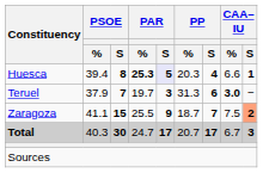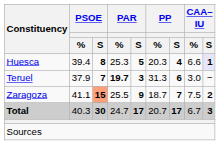 <table class="wikitable sortable" style="text-align:right; line-height:20px;">
 <tr>
 <th rowspan="3">Constituency</th>
 <th colspan="2" width="30px" class="unsortable"><a href='#'>PSOE</a></th>
 <th colspan="2" width="30px" class="unsortable"><a href='#'>PAR</a></th>
 <th colspan="2" width="30px" class="unsortable"><a href='#'>PP</a></th>
 <th colspan="2" width="30px" class="unsortable"><a href='#'>CAA–IU</a></th>
 </tr>
 <tr>
 <th colspan="2" style="background:"></th>
 <th colspan="2" style="background:"></th>
 <th colspan="2" style="background:"></th>
 <th colspan="2" style="background:"></th>
 </tr>
 <tr>
 <th data-sort-type="number">%</th>
 <th data-sort-type="number">S</th>
 <th data-sort-type="number">%</th>
 <th data-sort-type="number">S</th>
 <th data-sort-type="number">%</th>
 <th data-sort-type="number">S</th>
 <th data-sort-type="number">%</th>
 <th data-sort-type="number">S</th>
 </tr>
 <tr>
 <td align="left"><a href='#'>Huesca</a></td>
 <td style="background:">39.4</td>
 <td><strong>8</strong></td>
-<td><strong>25.3</strong></td>
-<td style="background: lavender;"><strong>5</strong></td>
+<td>25.3</td>
+<td><strong>5</strong></td>
 <td>20.3</td>
 <td><strong>4</strong></td>
 <td>6.6</td>
-<td><strong>1</strong></td>
+<td style="background: lavender;"><strong>1</strong></td>
 </tr>
 <tr>
 <td align="left"><a href='#'>Teruel</a></td>
 <td style="background:">37.9</td>
 <td><strong>7</strong></td>
-<td>19.7</td>
+<td><strong>19.7</strong></td>
 <td><strong>3</strong></td>
 <td>31.3</td>
 <td><strong>6</strong></td>
-<td><strong>3.0</strong></td>
+<td>3.0</td>
 <td>−</td>
 </tr>
 <tr>
 <td align="left"><a href='#'>Zaragoza</a></td>
 <td style="background:">41.1</td>
-<td><strong>15</strong></td>
+<td style="background: lightsalmon;"><strong>15</strong></td>
 <td>25.5</td>
 <td><strong>9</strong></td>
 <td>18.7</td>
 <td><strong>7</strong></td>
 <td>7.5</td>
-<td style="background: lightsalmon;"><strong>2</strong></td>
+<td><strong>2</strong></td>
 </tr>
 <tr style="background:#CDCDCD;">
 <td align="left"><strong>Total</strong></td>
 <td style="background:">40.3</td>
 <td><strong>30</strong></td>
 <td>24.7</td>
 <td><strong>17</strong></td>
 <td>20.7</td>
 <td><strong>17</strong></td>
 <td>6.7</td>
 <td><strong>3</strong></td>
 </tr>
 <tr>
 <th colspan="9"></th>
 </tr>
 <tr>
 <th style="text-align:left; font-weight:normal; background:#F9F9F9" colspan="9">Sources</th>
 </tr>
 </table>
